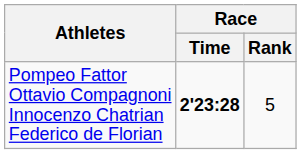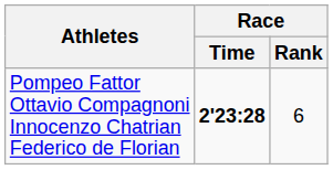 <table class="wikitable" border="1" style="font-size:90%">
 <tr>
 <th rowspan=2>Athletes</th>
 <th colspan=2>Race</th>
 </tr>
 <tr>
 <th>Time</th>
 <th>Rank</th>
 </tr>
 <tr>
 <td><a href='#'>Pompeo Fattor</a><br><a href='#'>Ottavio Compagnoni</a><br><a href='#'>Innocenzo Chatrian</a><br><a href='#'>Federico de Florian</a></td>
 <td align=center><strong>2'23:28</strong></td>
-<td align=center>5</td>
+<td align=center>6</td>
 </tr>
 </table>
